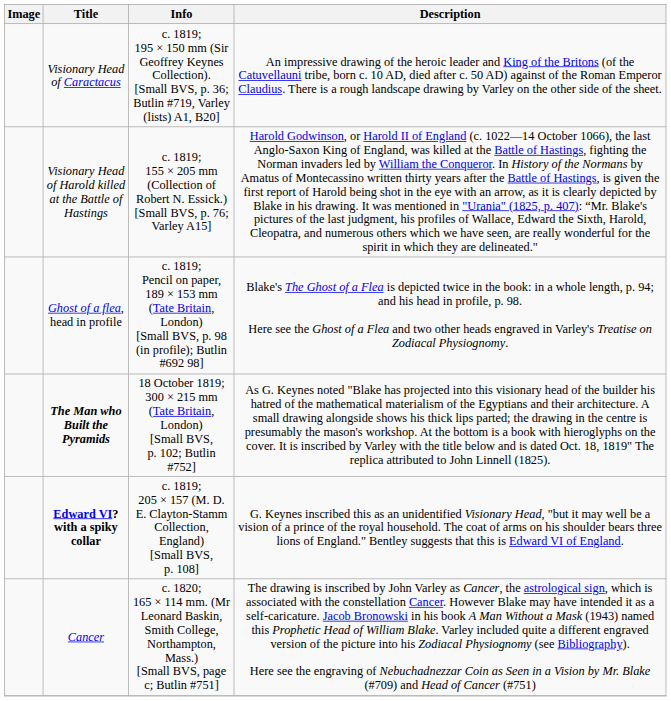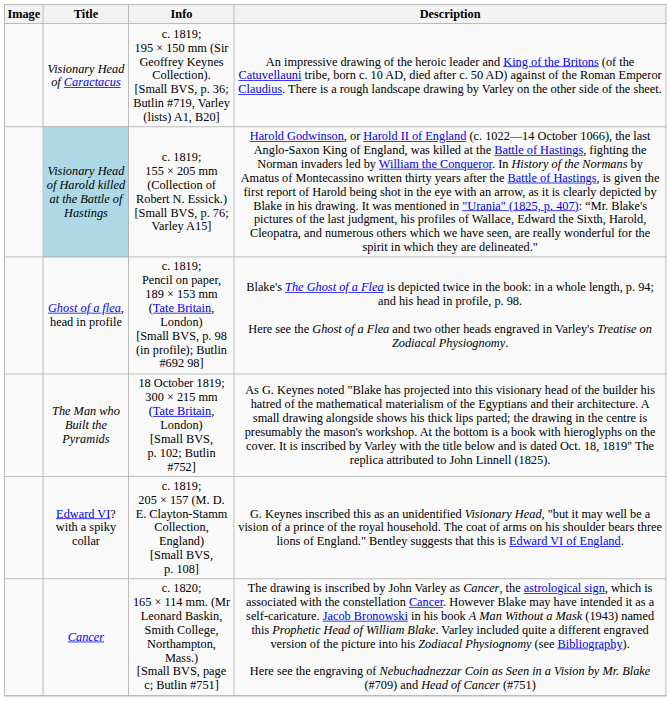 <table class="wikitable" style="margin-left:0.5em; text-align:center">
 <tr>
 <th>Image</th>
 <th>Title</th>
 <th>Info</th>
 <th>Description</th>
 </tr>
 <tr>
 <td></td>
 <td><em>Visionary Head of <a href='#'>Caractacus</a></em></td>
 <td>c. 1819; <br> 195 × 150 mm (Sir Geoffrey Keynes Collection). <br> [Small BVS, p. 36; Butlin #719, Varley (lists) A1, B20]</td>
 <td>An impressive drawing of the heroic leader and <a href='#'>King of the Britons</a>  (of the <a href='#'>Catuvellauni</a> tribe, born c. 10 AD, died after c. 50 AD) against of the Roman Emperor <a href='#'>Claudius</a>. There is a rough landscape drawing by Varley on the other side of the sheet.</td>
 </tr>
 <tr>
 <td></td>
-<td><em>Visionary Head of Harold killed at the Battle of Hastings</em></td>
+<td style="background: lightblue;"><em>Visionary Head of Harold killed at the Battle of Hastings</em></td>
 <td>c. 1819; <br>155 × 205 mm (Collection of Robert N. Essick.) <br> [Small BVS, p. 76; Varley A15]</td>
 <td><a href='#'>Harold Godwinson</a>, or <a href='#'>Harold II of England</a> (c. 1022—14 October 1066), the last Anglo-Saxon King of England, was killed at the <a href='#'>Battle of Hastings</a>, fighting the Norman invaders led by <a href='#'>William the Conqueror</a>. In <em>History of the Normans</em> by Amatus of Montecassino written thirty years after the <a href='#'>Battle of Hastings</a>, is given the first report of Harold being shot in the eye with an arrow, as it is clearly depicted by Blake in his drawing. It was mentioned in <a href='#'>"Urania" (1825, p. 407)</a>: “Mr. Blake's pictures of the last judgment, his profiles of Wallace, Edward the Sixth, Harold, Cleopatra, and numerous others which we have seen, are really wonderful for the spirit in which they are delineated."</td>
 </tr>
 <tr>
 <td></td>
 <td><em><a href='#'>Ghost of a flea</a></em>, head in profile</td>
 <td>c. 1819; <br>Pencil on paper, 189 × 153 mm (<a href='#'>Tate Britain</a>, London) <br>[Small BVS, p. 98 (in profile); Butlin #692 98]</td>
 <td>Blake's <em><a href='#'>The Ghost of a Flea</a></em> is depicted twice in the book: in a whole length, p. 94; and his head in profile, p. 98. <br><br>Here see the <em>Ghost of a Flea</em> and two other heads engraved in Varley's <em>Treatise on Zodiacal Physiognomy</em>. </td>
 </tr>
 <tr>
 <td></td>
-<td><strong><em>The Man who Built the Pyramids</em></strong></td>
+<td><em>The Man who Built the Pyramids</em></td>
 <td>18 October 1819; <br> 300 × 215 mm (<a href='#'>Tate Britain</a>, London) <br> [Small BVS, p. 102; Butlin #752]</td>
 <td>As G. Keynes noted "Blake has projected into this visionary head of the builder his hatred of the mathematical materialism of the Egyptians and their architecture. A small drawing alongside shows his thick lips parted;  the drawing in the centre is presumably the mason's workshop. At the bottom is a book with hieroglyphs on the cover. It is inscribed by Varley with the title below and is dated Oct. 18, 1819" The replica attributed to John Linnell (1825).</td>
 </tr>
 <tr>
 <td></td>
-<td><strong><a href='#'>Edward VI</a>? with a spiky collar</strong></td>
+<td><a href='#'>Edward VI</a>? with a spiky collar</td>
 <td>c. 1819; <br>205 × 157 (M. D. E. Clayton-Stamm Collection, England) <br>[Small BVS, p. 108]</td>
 <td>G. Keynes inscribed this as an unidentified <em>Visionary Head</em>, "but it may well be a vision of a prince of the royal household. The coat of arms on his shoulder bears three lions of England." Bentley suggests that this is <a href='#'>Edward VI of England</a>.</td>
 </tr>
 <tr>
 <td></td>
 <td><a href='#'><em>Cancer</em></a></td>
 <td>c. 1820; <br> 165 × 114 mm. (Mr Leonard Baskin, Smith College, Northampton, Mass.) <br> [Small BVS, page c; Butlin #751]</td>
 <td>The drawing is inscribed by John Varley as <em>Cancer</em>, the <a href='#'>astrological sign</a>, which is associated with the constellation <a href='#'>Cancer</a>. However Blake may have intended it as a self-caricature. <a href='#'>Jacob Bronowski</a> in his book <em>A Man Without a Mask</em> (1943) named this <em>Prophetic Head of William Blake</em>.  Varley included quite a different engraved version of the picture into his <em>Zodiacal Physiognomy</em> (see <a href='#'>Bibliography</a>).<br><br>Here see the engraving of <em>Nebuchadnezzar Coin as Seen in a Vision by Mr. Blake</em> (#709) and <em>Head of Cancer</em> (#751)  </td>
 </tr>
 <tr>
 </tr>
 </table>
